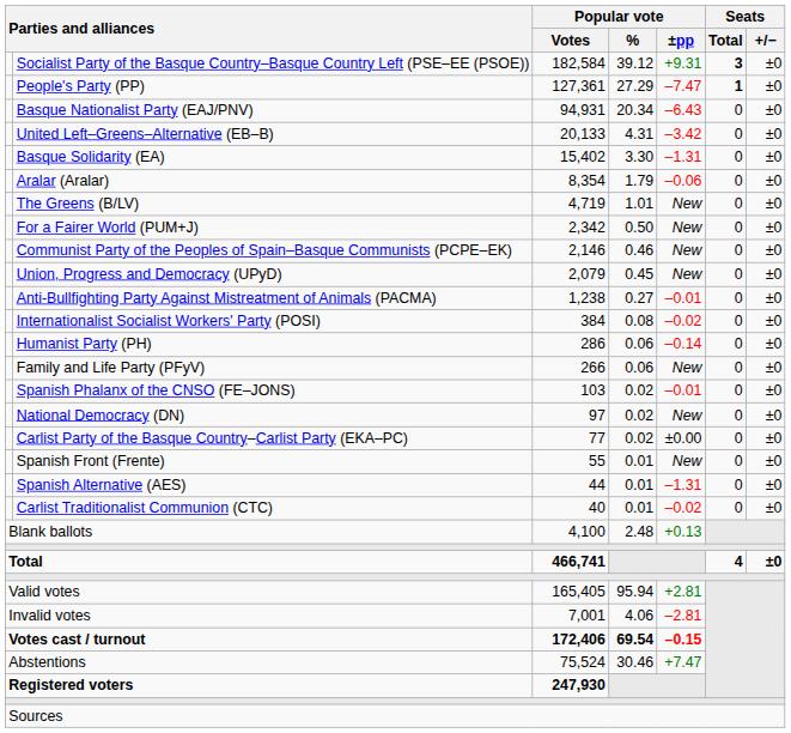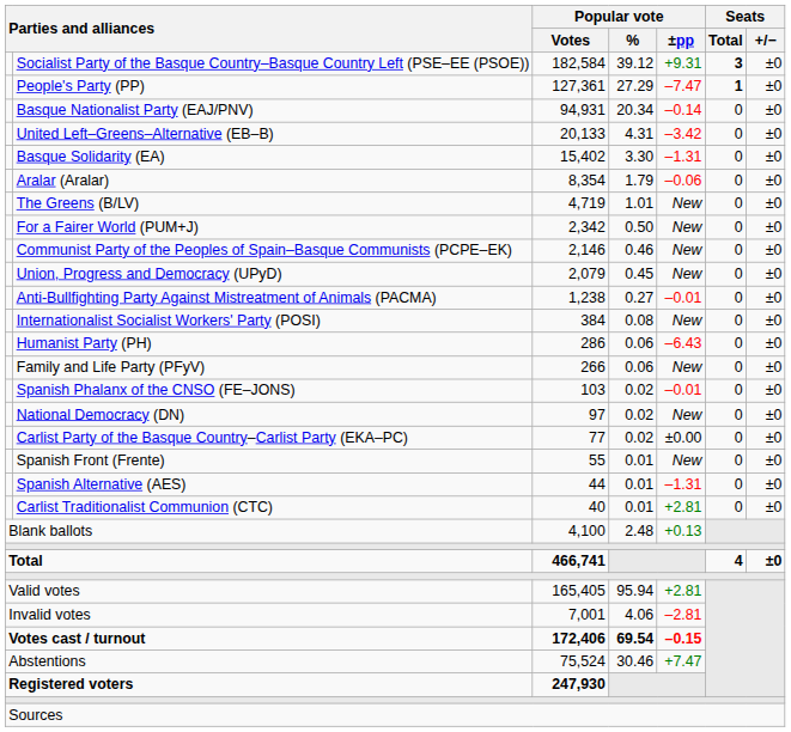 <table class="wikitable" style="text-align:right;">
 <tr>
 <th style="text-align:left;" rowspan="2" colspan="2" width="525">Parties and alliances</th>
 <th colspan="3">Popular vote</th>
 <th colspan="2">Seats</th>
 </tr>
 <tr>
 <th width="75">Votes</th>
 <th width="45">%</th>
 <th width="45">±<a href='#'>pp</a></th>
 <th width="35">Total</th>
 <th width="35">+/−</th>
 </tr>
 <tr>
 <td width="1" style="color:inherit;background:"></td>
 <td align="left"><a href='#'>Socialist Party of the Basque Country–Basque Country Left</a> (PSE–EE (PSOE))</td>
 <td>182,584</td>
 <td>39.12</td>
 <td style="color:green;">+9.31</td>
 <td><strong>3</strong></td>
 <td>±0</td>
 </tr>
 <tr>
 <td style="color:inherit;background:"></td>
 <td align="left"><a href='#'>People's Party</a> (PP)</td>
 <td>127,361</td>
 <td>27.29</td>
 <td style="color:red;">–7.47</td>
 <td><strong>1</strong></td>
 <td>±0</td>
 </tr>
 <tr>
 <td style="color:inherit;background:"></td>
 <td align="left"><a href='#'>Basque Nationalist Party</a> (EAJ/PNV)</td>
 <td>94,931</td>
 <td>20.34</td>
-<td style="color:red;">–6.43</td>
+<td style="color:red;">–0.14</td>
 <td>0</td>
 <td>±0</td>
 </tr>
 <tr>
 <td style="color:inherit;background:"></td>
 <td align="left"><a href='#'>United Left–Greens–Alternative</a> (EB–B)</td>
 <td>20,133</td>
 <td>4.31</td>
 <td style="color:red;">–3.42</td>
 <td>0</td>
 <td>±0</td>
 </tr>
 <tr>
 <td style="color:inherit;background:"></td>
 <td align="left"><a href='#'>Basque Solidarity</a> (EA)</td>
 <td>15,402</td>
 <td>3.30</td>
 <td style="color:red;">–1.31</td>
 <td>0</td>
 <td>±0</td>
 </tr>
 <tr>
 <td style="color:inherit;background:"></td>
 <td align="left"><a href='#'>Aralar</a> (Aralar)</td>
 <td>8,354</td>
 <td>1.79</td>
 <td style="color:red;">–0.06</td>
 <td>0</td>
 <td>±0</td>
 </tr>
 <tr>
 <td style="color:inherit;background:"></td>
 <td align="left"><a href='#'>The Greens</a> (B/LV)</td>
 <td>4,719</td>
 <td>1.01</td>
 <td><em>New</em></td>
 <td>0</td>
 <td>±0</td>
 </tr>
 <tr>
 <td style="color:inherit;background:"></td>
 <td align="left"><a href='#'>For a Fairer World</a> (PUM+J)</td>
 <td>2,342</td>
 <td>0.50</td>
 <td><em>New</em></td>
 <td>0</td>
 <td>±0</td>
 </tr>
 <tr>
 <td style="color:inherit;background:"></td>
 <td align="left"><a href='#'>Communist Party of the Peoples of Spain–Basque Communists</a> (PCPE–EK)</td>
 <td>2,146</td>
 <td>0.46</td>
 <td><em>New</em></td>
 <td>0</td>
 <td>±0</td>
 </tr>
 <tr>
 <td style="color:inherit;background:"></td>
 <td align="left"><a href='#'>Union, Progress and Democracy</a> (UPyD)</td>
 <td>2,079</td>
 <td>0.45</td>
 <td><em>New</em></td>
 <td>0</td>
 <td>±0</td>
 </tr>
 <tr>
 <td style="color:inherit;background:"></td>
 <td align="left"><a href='#'>Anti-Bullfighting Party Against Mistreatment of Animals</a> (PACMA)</td>
 <td>1,238</td>
 <td>0.27</td>
 <td style="color:red;">–0.01</td>
 <td>0</td>
 <td>±0</td>
 </tr>
 <tr>
 <td style="color:inherit;background:"></td>
 <td align="left"><a href='#'>Internationalist Socialist Workers' Party</a> (POSI)</td>
 <td>384</td>
 <td>0.08</td>
-<td style="color:red;">–0.02</td>
+<td><em>New</em></td>
 <td>0</td>
 <td>±0</td>
 </tr>
 <tr>
 <td style="color:inherit;background:"></td>
 <td align="left"><a href='#'>Humanist Party</a> (PH)</td>
 <td>286</td>
 <td>0.06</td>
-<td style="color:red;">–0.14</td>
+<td style="color:red;">–6.43</td>
 <td>0</td>
 <td>±0</td>
 </tr>
 <tr>
 <td style="color:inherit;background:"></td>
 <td align="left">Family and Life Party (PFyV)</td>
 <td>266</td>
 <td>0.06</td>
 <td><em>New</em></td>
 <td>0</td>
 <td>±0</td>
 </tr>
 <tr>
 <td style="color:inherit;background:"></td>
 <td align="left"><a href='#'>Spanish Phalanx of the CNSO</a> (FE–JONS)</td>
 <td>103</td>
 <td>0.02</td>
 <td style="color:red;">–0.01</td>
 <td>0</td>
 <td>±0</td>
 </tr>
 <tr>
 <td style="color:inherit;background:"></td>
 <td align="left"><a href='#'>National Democracy</a> (DN)</td>
 <td>97</td>
 <td>0.02</td>
 <td><em>New</em></td>
 <td>0</td>
 <td>±0</td>
 </tr>
 <tr>
 <td style="color:inherit;background:"></td>
 <td align="left"><a href='#'>Carlist Party of the Basque Country</a>–<a href='#'>Carlist Party</a> (EKA–PC)</td>
 <td>77</td>
 <td>0.02</td>
 <td>±0.00</td>
 <td>0</td>
 <td>±0</td>
 </tr>
 <tr>
 <td style="color:inherit;background:"></td>
 <td align="left">Spanish Front (Frente)</td>
 <td>55</td>
 <td>0.01</td>
 <td><em>New</em></td>
 <td>0</td>
 <td>±0</td>
 </tr>
 <tr>
 <td style="color:inherit;background:"></td>
 <td align="left"><a href='#'>Spanish Alternative</a> (AES)</td>
 <td>44</td>
 <td>0.01</td>
 <td style="color:red;">–1.31</td>
 <td>0</td>
 <td>±0</td>
 </tr>
 <tr>
 <td style="color:inherit;background:"></td>
 <td align="left"><a href='#'>Carlist Traditionalist Communion</a> (CTC)</td>
 <td>40</td>
 <td>0.01</td>
-<td style="color:red;">–0.02</td>
+<td style="color:green;">+2.81</td>
 <td>0</td>
 <td>±0</td>
 </tr>
 <tr>
 <td align="left" colspan="2">Blank ballots</td>
 <td>4,100</td>
 <td>2.48</td>
 <td style="color:green;">+0.13</td>
 <td bgcolor="#E9E9E9" colspan="2"></td>
 </tr>
 <tr>
 <td colspan="7" bgcolor="#E9E9E9"></td>
 </tr>
 <tr style="font-weight:bold;">
 <td align="left" colspan="2">Total</td>
 <td>466,741</td>
 <td bgcolor="#E9E9E9" colspan="2"></td>
 <td>4</td>
 <td>±0</td>
 </tr>
 <tr>
 <td colspan="7" bgcolor="#E9E9E9"></td>
 </tr>
 <tr>
 <td align="left" colspan="2">Valid votes</td>
 <td>165,405</td>
 <td>95.94</td>
 <td style="color:green;">+2.81</td>
 <td bgcolor="#E9E9E9" colspan="2" rowspan="5"></td>
 </tr>
 <tr>
 <td align="left" colspan="2">Invalid votes</td>
 <td>7,001</td>
 <td>4.06</td>
 <td style="color:red;">–2.81</td>
 </tr>
 <tr style="font-weight:bold;">
 <td align="left" colspan="2">Votes cast / turnout</td>
 <td>172,406</td>
 <td>69.54</td>
 <td style="color:red;">–0.15</td>
 </tr>
 <tr>
 <td align="left" colspan="2">Abstentions</td>
 <td>75,524</td>
 <td>30.46</td>
 <td style="color:green;">+7.47</td>
 </tr>
 <tr style="font-weight:bold;">
 <td align="left" colspan="2">Registered voters</td>
 <td>247,930</td>
 <td bgcolor="#E9E9E9" colspan="2"></td>
 </tr>
 <tr>
 <td colspan="7" bgcolor="#E9E9E9"></td>
 </tr>
 <tr>
 <td align="left" colspan="7">Sources</td>
 </tr>
 </table>
